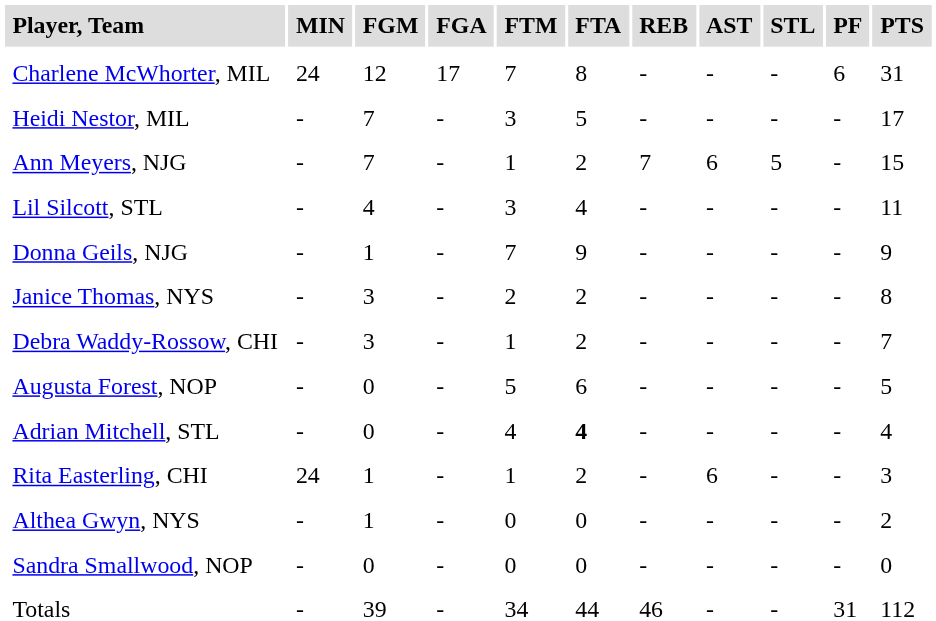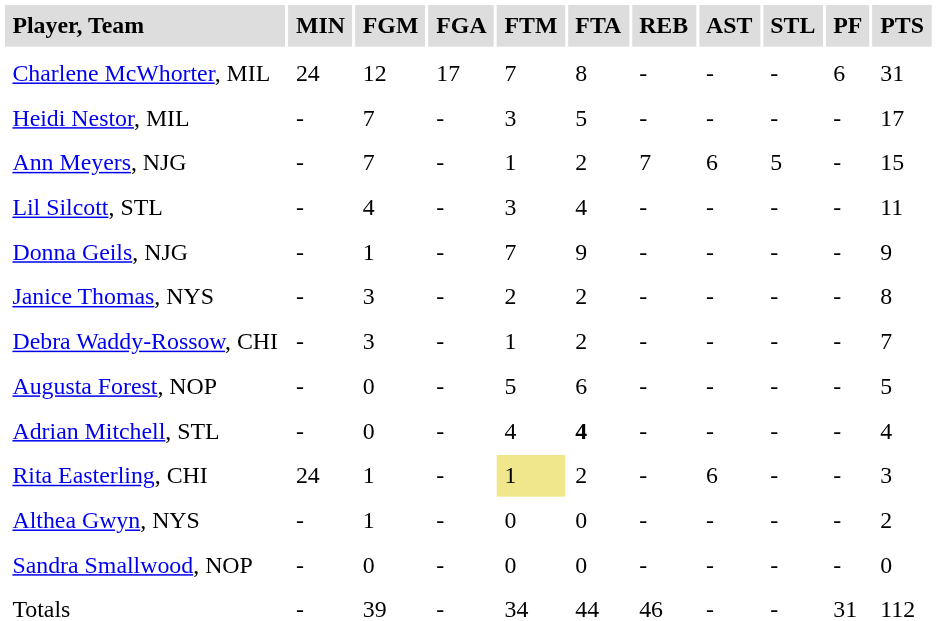 <table cellpadding=5>
 <tr bgcolor="#dddddd">
 <td><strong>Player, Team</strong></td>
 <td><strong>MIN</strong></td>
 <td><strong>FGM</strong></td>
 <td><strong>FGA</strong></td>
 <td><strong>FTM</strong></td>
 <td><strong>FTA</strong></td>
 <td><strong>REB</strong></td>
 <td><strong>AST</strong></td>
 <td><strong>STL</strong></td>
 <td><strong>PF</strong></td>
 <td><strong>PTS</strong></td>
 </tr>
 <tr bgcolor="#eeeeee">
 </tr>
 <tr>
 <td><a href='#'>Charlene McWhorter</a>, MIL</td>
 <td>24</td>
 <td>12</td>
 <td>17</td>
 <td>7</td>
 <td>8</td>
 <td>-</td>
 <td>-</td>
 <td>-</td>
 <td>6</td>
 <td>31</td>
 </tr>
 <tr>
 <td><a href='#'>Heidi Nestor</a>, MIL</td>
 <td>-</td>
 <td>7</td>
 <td>-</td>
 <td>3</td>
 <td>5</td>
 <td>-</td>
 <td>-</td>
 <td>-</td>
 <td>-</td>
 <td>17</td>
 </tr>
 <tr>
 <td><a href='#'>Ann Meyers</a>, NJG</td>
 <td>-</td>
 <td>7</td>
 <td>-</td>
 <td>1</td>
 <td>2</td>
 <td>7</td>
 <td>6</td>
 <td>5</td>
 <td>-</td>
 <td>15</td>
 </tr>
 <tr>
 <td><a href='#'>Lil Silcott</a>, STL</td>
 <td>-</td>
 <td>4</td>
 <td>-</td>
 <td>3</td>
 <td>4</td>
 <td>-</td>
 <td>-</td>
 <td>-</td>
 <td>-</td>
 <td>11</td>
 </tr>
 <tr>
 <td><a href='#'>Donna Geils</a>, NJG</td>
 <td>-</td>
 <td>1</td>
 <td>-</td>
 <td>7</td>
 <td>9</td>
 <td>-</td>
 <td>-</td>
 <td>-</td>
 <td>-</td>
 <td>9</td>
 </tr>
 <tr>
 <td><a href='#'>Janice Thomas</a>, NYS</td>
 <td>-</td>
 <td>3</td>
 <td>-</td>
 <td>2</td>
 <td>2</td>
 <td>-</td>
 <td>-</td>
 <td>-</td>
 <td>-</td>
 <td>8</td>
 </tr>
 <tr>
 <td><a href='#'>Debra Waddy-Rossow</a>, CHI</td>
 <td>-</td>
 <td>3</td>
 <td>-</td>
 <td>1</td>
 <td>2</td>
 <td>-</td>
 <td>-</td>
 <td>-</td>
 <td>-</td>
 <td>7</td>
 </tr>
 <tr>
 <td><a href='#'>Augusta Forest</a>, NOP</td>
 <td>-</td>
 <td>0</td>
 <td>-</td>
 <td>5</td>
 <td>6</td>
 <td>-</td>
 <td>-</td>
 <td>-</td>
 <td>-</td>
 <td>5</td>
 </tr>
 <tr>
 <td><a href='#'>Adrian Mitchell</a>, STL</td>
 <td>-</td>
 <td>0</td>
 <td>-</td>
 <td>4</td>
 <td><strong>4</strong></td>
 <td>-</td>
 <td>-</td>
 <td>-</td>
 <td>-</td>
 <td>4</td>
 </tr>
 <tr>
 <td><a href='#'>Rita Easterling</a>, CHI</td>
 <td>24</td>
 <td>1</td>
 <td>-</td>
-<td>1</td>
+<td style="background: khaki;">1</td>
 <td>2</td>
 <td>-</td>
 <td>6</td>
 <td>-</td>
 <td>-</td>
 <td>3</td>
 </tr>
 <tr>
 <td><a href='#'>Althea Gwyn</a>, NYS</td>
 <td>-</td>
 <td>1</td>
 <td>-</td>
 <td>0</td>
 <td>0</td>
 <td>-</td>
 <td>-</td>
 <td>-</td>
 <td>-</td>
 <td>2</td>
 </tr>
 <tr>
 <td><a href='#'>Sandra Smallwood</a>, NOP</td>
 <td>-</td>
 <td>0</td>
 <td>-</td>
 <td>0</td>
 <td>0</td>
 <td>-</td>
 <td>-</td>
 <td>-</td>
 <td>-</td>
 <td>0</td>
 </tr>
 <tr>
 <td>Totals</td>
 <td>-</td>
 <td>39</td>
 <td>-</td>
 <td>34</td>
 <td>44</td>
 <td>46</td>
 <td>-</td>
 <td>-</td>
 <td>31</td>
 <td>112</td>
 </tr>
 <tr>
 </tr>
 </table>
